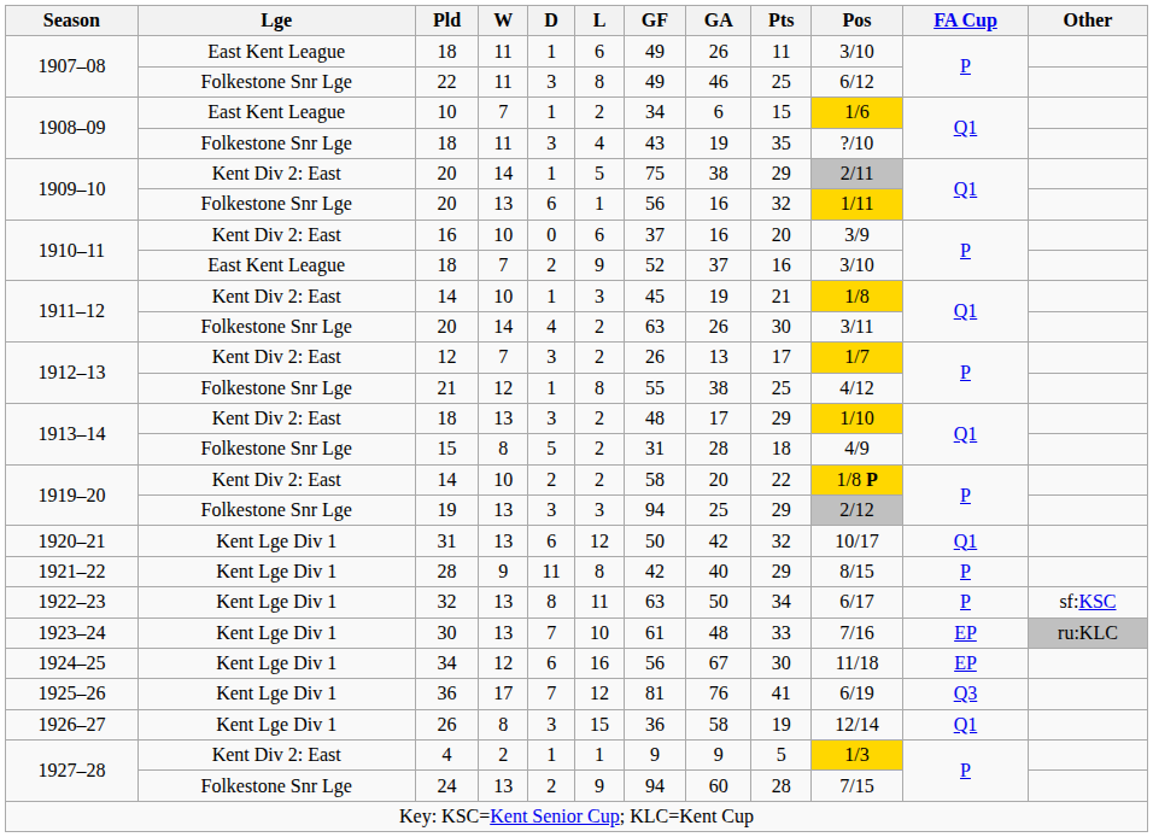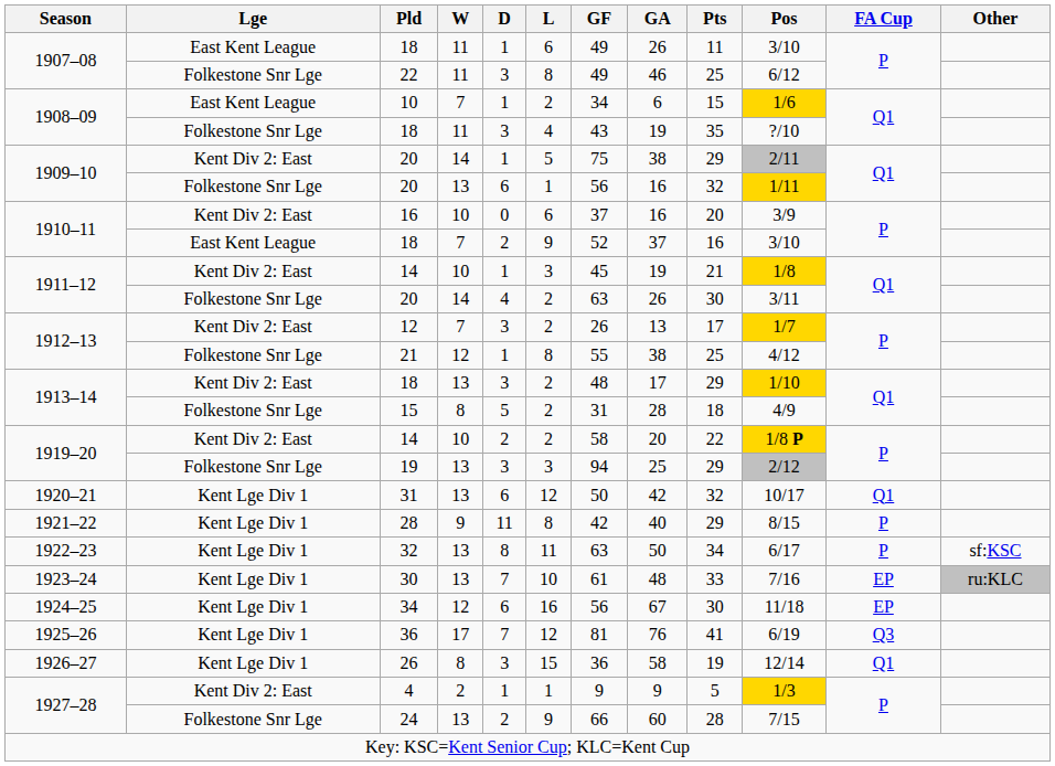 <table class="wikitable" style="width:75%; align:center; text-align:center">
 <tr>
 <th>Season</th>
 <th>Lge</th>
 <th>Pld</th>
 <th>W</th>
 <th>D</th>
 <th>L</th>
 <th>GF</th>
 <th>GA</th>
 <th>Pts</th>
 <th>Pos</th>
 <th><a href='#'>FA Cup</a></th>
 <th>Other</th>
 </tr>
 <tr>
 <td rowspan="2">1907–08</td>
 <td>East Kent League</td>
 <td>18</td>
 <td>11</td>
 <td>1</td>
 <td>6</td>
 <td>49</td>
 <td>26</td>
 <td>11</td>
 <td>3/10</td>
 <td rowspan="2"><a href='#'>P</a></td>
 <td></td>
 </tr>
 <tr>
 <td>Folkestone Snr Lge</td>
 <td>22</td>
 <td>11</td>
 <td>3</td>
 <td>8</td>
 <td>49</td>
 <td>46</td>
 <td>25</td>
 <td>6/12</td>
 <td></td>
 </tr>
 <tr>
 <td rowspan="2">1908–09</td>
 <td>East Kent League</td>
 <td>10</td>
 <td>7</td>
 <td>1</td>
 <td>2</td>
 <td>34</td>
 <td>6</td>
 <td>15</td>
 <td bgcolor=gold>1/6</td>
 <td rowspan="2"><a href='#'>Q1</a></td>
 <td></td>
 </tr>
 <tr>
 <td>Folkestone Snr Lge</td>
 <td>18</td>
 <td>11</td>
 <td>3</td>
 <td>4</td>
 <td>43</td>
 <td>19</td>
 <td>35</td>
 <td>?/10</td>
 <td></td>
 </tr>
 <tr>
 <td rowspan="2">1909–10</td>
 <td>Kent Div 2: East</td>
 <td>20</td>
 <td>14</td>
 <td>1</td>
 <td>5</td>
 <td>75</td>
 <td>38</td>
 <td>29</td>
 <td bgcolor=silver>2/11</td>
 <td rowspan="2"><a href='#'>Q1</a></td>
 <td></td>
 </tr>
 <tr>
 <td>Folkestone Snr Lge</td>
 <td>20</td>
 <td>13</td>
 <td>6</td>
 <td>1</td>
 <td>56</td>
 <td>16</td>
 <td>32</td>
 <td bgcolor=gold>1/11</td>
 <td></td>
 </tr>
 <tr>
 <td rowspan="2">1910–11</td>
 <td>Kent Div 2: East</td>
 <td>16</td>
 <td>10</td>
 <td>0</td>
 <td>6</td>
 <td>37</td>
 <td>16</td>
 <td>20</td>
 <td>3/9</td>
 <td rowspan="2"><a href='#'>P</a></td>
 <td></td>
 </tr>
 <tr>
 <td>East Kent League</td>
 <td>18</td>
 <td>7</td>
 <td>2</td>
 <td>9</td>
 <td>52</td>
 <td>37</td>
 <td>16</td>
 <td>3/10</td>
 <td></td>
 </tr>
 <tr>
 <td rowspan="2">1911–12</td>
 <td>Kent Div 2: East</td>
 <td>14</td>
 <td>10</td>
 <td>1</td>
 <td>3</td>
 <td>45</td>
 <td>19</td>
 <td>21</td>
 <td bgcolor=gold>1/8</td>
 <td rowspan="2"><a href='#'>Q1</a></td>
 <td></td>
 </tr>
 <tr>
 <td>Folkestone Snr Lge</td>
 <td>20</td>
 <td>14</td>
 <td>4</td>
 <td>2</td>
 <td>63</td>
 <td>26</td>
 <td>30</td>
 <td>3/11</td>
 <td></td>
 </tr>
 <tr>
 <td rowspan="2">1912–13</td>
 <td>Kent Div 2: East</td>
 <td>12</td>
 <td>7</td>
 <td>3</td>
 <td>2</td>
 <td>26</td>
 <td>13</td>
 <td>17</td>
 <td bgcolor=gold>1/7</td>
 <td rowspan="2"><a href='#'>P</a></td>
 <td></td>
 </tr>
 <tr>
 <td>Folkestone Snr Lge</td>
 <td>21</td>
 <td>12</td>
 <td>1</td>
 <td>8</td>
 <td>55</td>
 <td>38</td>
 <td>25</td>
 <td>4/12</td>
 <td></td>
 </tr>
 <tr>
 <td rowspan="2">1913–14</td>
 <td>Kent Div 2: East</td>
 <td>18</td>
 <td>13</td>
 <td>3</td>
 <td>2</td>
 <td>48</td>
 <td>17</td>
 <td>29</td>
 <td bgcolor=gold>1/10</td>
 <td rowspan="2"><a href='#'>Q1</a></td>
 <td></td>
 </tr>
 <tr>
 <td>Folkestone Snr Lge</td>
 <td>15</td>
 <td>8</td>
 <td>5</td>
 <td>2</td>
 <td>31</td>
 <td>28</td>
 <td>18</td>
 <td>4/9</td>
 <td></td>
 </tr>
 <tr>
 <td rowspan="2">1919–20</td>
 <td>Kent Div 2: East</td>
 <td>14</td>
 <td>10</td>
 <td>2</td>
 <td>2</td>
 <td>58</td>
 <td>20</td>
 <td>22</td>
 <td bgcolor=gold>1/8 <strong>P</strong></td>
 <td rowspan="2"><a href='#'>P</a></td>
 <td></td>
 </tr>
 <tr>
 <td>Folkestone Snr Lge</td>
 <td>19</td>
 <td>13</td>
 <td>3</td>
 <td>3</td>
 <td>94</td>
 <td>25</td>
 <td>29</td>
 <td bgcolor=silver>2/12</td>
 <td></td>
 </tr>
 <tr>
 <td>1920–21</td>
 <td>Kent Lge Div 1</td>
 <td>31</td>
 <td>13</td>
 <td>6</td>
 <td>12</td>
 <td>50</td>
 <td>42</td>
 <td>32</td>
 <td>10/17</td>
 <td><a href='#'>Q1</a></td>
 <td></td>
 </tr>
 <tr>
 <td>1921–22</td>
 <td>Kent Lge Div 1</td>
 <td>28</td>
 <td>9</td>
 <td>11</td>
 <td>8</td>
 <td>42</td>
 <td>40</td>
 <td>29</td>
 <td>8/15</td>
 <td><a href='#'>P</a></td>
 <td></td>
 </tr>
 <tr>
 <td>1922–23</td>
 <td>Kent Lge Div 1</td>
 <td>32</td>
 <td>13</td>
 <td>8</td>
 <td>11</td>
 <td>63</td>
 <td>50</td>
 <td>34</td>
 <td>6/17</td>
 <td><a href='#'>P</a></td>
 <td>sf:<a href='#'>KSC</a></td>
 </tr>
 <tr>
 <td>1923–24</td>
 <td>Kent Lge Div 1</td>
 <td>30</td>
 <td>13</td>
 <td>7</td>
 <td>10</td>
 <td>61</td>
 <td>48</td>
 <td>33</td>
 <td>7/16</td>
 <td><a href='#'>EP</a></td>
 <td bgcolor=silver>ru:KLC</td>
 </tr>
 <tr>
 <td>1924–25</td>
 <td>Kent Lge Div 1</td>
 <td>34</td>
 <td>12</td>
 <td>6</td>
 <td>16</td>
 <td>56</td>
 <td>67</td>
 <td>30</td>
 <td>11/18</td>
 <td><a href='#'>EP</a></td>
 <td></td>
 </tr>
 <tr>
 <td>1925–26</td>
 <td>Kent Lge Div 1</td>
 <td>36</td>
 <td>17</td>
 <td>7</td>
 <td>12</td>
 <td>81</td>
 <td>76</td>
 <td>41</td>
 <td>6/19</td>
 <td><a href='#'>Q3</a></td>
 <td></td>
 </tr>
 <tr>
 <td>1926–27</td>
 <td>Kent Lge Div 1</td>
 <td>26</td>
 <td>8</td>
 <td>3</td>
 <td>15</td>
 <td>36</td>
 <td>58</td>
 <td>19</td>
 <td>12/14</td>
 <td><a href='#'>Q1</a></td>
 <td></td>
 </tr>
 <tr>
 <td rowspan="2">1927–28</td>
 <td>Kent Div 2: East</td>
 <td>4</td>
 <td>2</td>
 <td>1</td>
 <td>1</td>
 <td>9</td>
 <td>9</td>
 <td>5</td>
 <td bgcolor=gold>1/3</td>
 <td rowspan="2"><a href='#'>P</a></td>
 <td></td>
 </tr>
 <tr>
 <td>Folkestone Snr Lge</td>
 <td>24</td>
 <td>13</td>
 <td>2</td>
 <td>9</td>
-<td>94</td>
+<td>66</td>
 <td>60</td>
 <td>28</td>
 <td>7/15</td>
 <td></td>
 </tr>
 <tr>
 <td colspan="12">Key: KSC=<a href='#'>Kent Senior Cup</a>; KLC=Kent Cup</td>
 </tr>
 </table>
